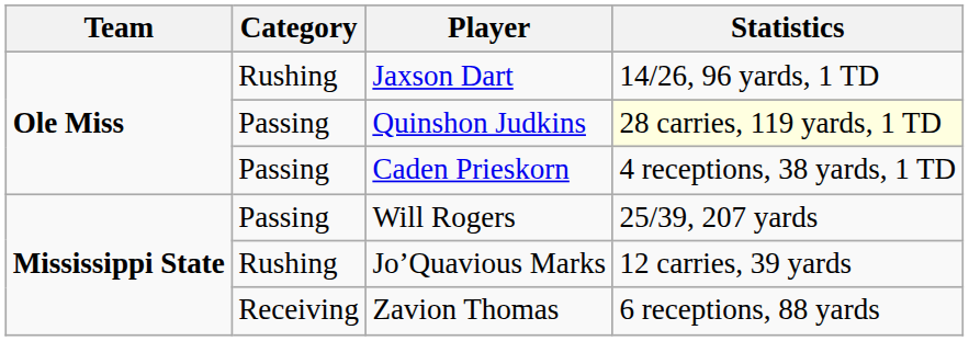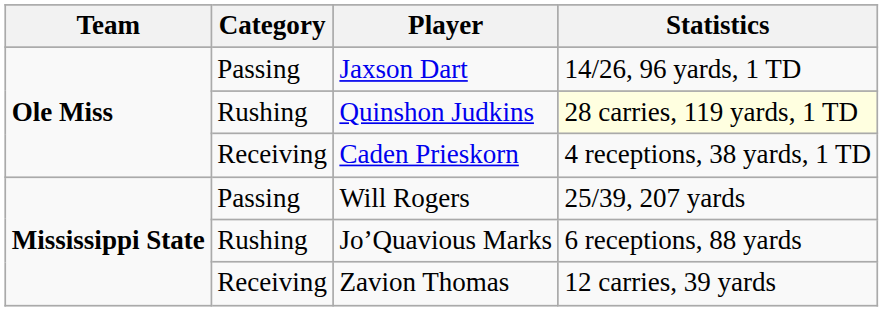 <table class="wikitable" style="float: right;">
 <tr>
 <th>Team</th>
 <th>Category</th>
 <th>Player</th>
 <th>Statistics</th>
 </tr>
 <tr>
 <td rowspan=3><strong>Ole Miss</strong></td>
-<td>Rushing</td>
+<td>Passing</td>
 <td><a href='#'>Jaxson Dart</a></td>
 <td>14/26, 96 yards, 1 TD</td>
 </tr>
 <tr>
-<td>Passing</td>
+<td>Rushing</td>
 <td><a href='#'>Quinshon Judkins</a></td>
 <td style="background: lightyellow;">28 carries, 119 yards, 1 TD</td>
 </tr>
 <tr>
-<td>Passing</td>
+<td>Receiving</td>
 <td><a href='#'>Caden Prieskorn</a></td>
 <td>4 receptions, 38 yards, 1 TD</td>
 </tr>
 <tr>
 <td rowspan=3><strong>Mississippi State</strong></td>
 <td>Passing</td>
 <td>Will Rogers</td>
 <td>25/39, 207 yards</td>
 </tr>
 <tr>
 <td>Rushing</td>
 <td>Jo’Quavious Marks</td>
-<td>12 carries, 39 yards</td>
+<td>6 receptions, 88 yards</td>
 </tr>
 <tr>
 <td>Receiving</td>
 <td>Zavion Thomas</td>
-<td>6 receptions, 88 yards</td>
+<td>12 carries, 39 yards</td>
 </tr>
 </table>
